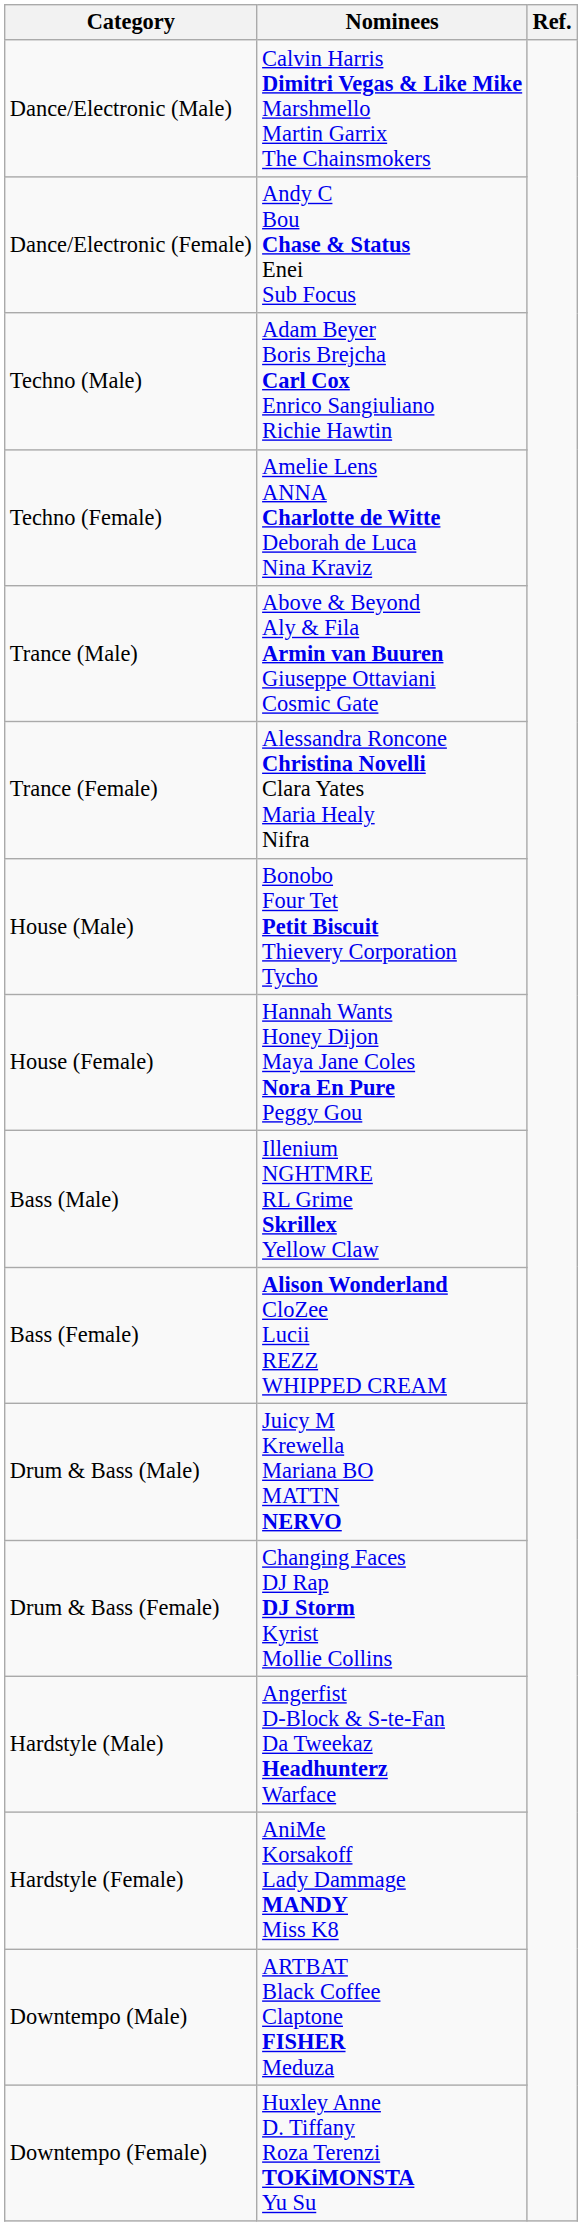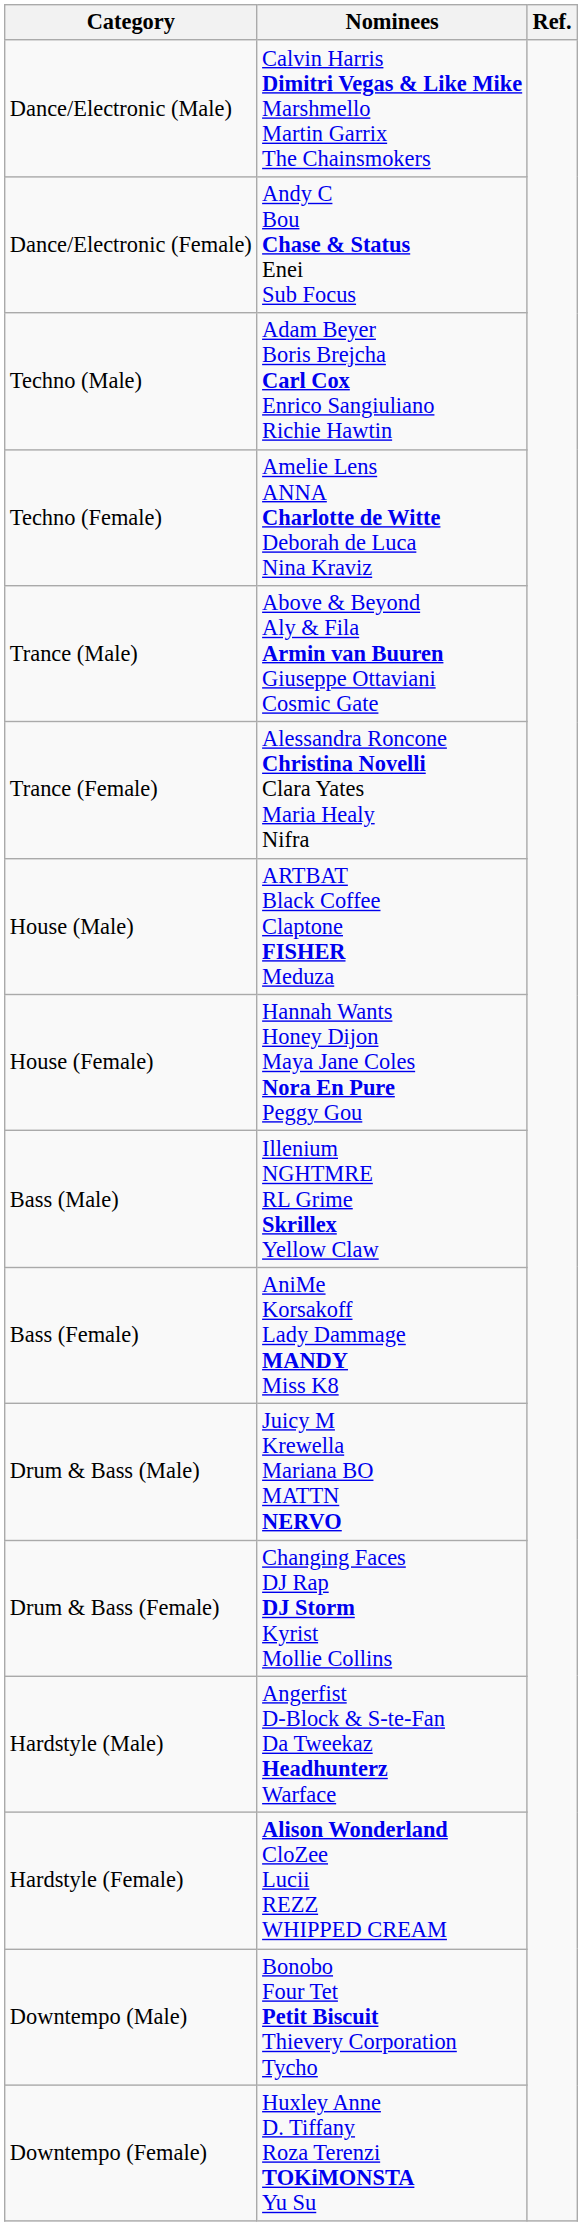 <table class="wikitable">
 <tr>
 <th>Category</th>
 <th>Nominees</th>
 <th>Ref.</th>
 </tr>
 <tr>
 <td>Dance/Electronic (Male)</td>
 <td><a href='#'>Calvin Harris</a><br> <strong><a href='#'>Dimitri Vegas & Like Mike</a></strong><br><a href='#'>Marshmello</a><br><a href='#'>Martin Garrix</a><br><a href='#'>The Chainsmokers</a></td>
 <td rowspan="16"><br></td>
 </tr>
 <tr>
 <td>Dance/Electronic (Female)</td>
 <td><a href='#'>Andy C</a> <br><a href='#'>Bou</a> <br> <strong><a href='#'>Chase & Status</a></strong><br>Enei <br><a href='#'>Sub Focus</a></td>
 </tr>
 <tr>
 <td>Techno (Male)</td>
 <td><a href='#'>Adam Beyer</a><br><a href='#'>Boris Brejcha</a><br> <strong><a href='#'>Carl Cox</a></strong><br><a href='#'>Enrico Sangiuliano</a> <br><a href='#'>Richie Hawtin</a></td>
 </tr>
 <tr>
 <td>Techno (Female)</td>
 <td><a href='#'>Amelie Lens</a> <br><a href='#'>ANNA</a> <br> <strong><a href='#'>Charlotte de Witte</a></strong><br><a href='#'>Deborah de Luca</a><br><a href='#'>Nina Kraviz</a></td>
 </tr>
 <tr>
 <td>Trance (Male)</td>
 <td><a href='#'>Above & Beyond</a><br><a href='#'>Aly & Fila</a><br> <strong><a href='#'>Armin van Buuren</a></strong><br><a href='#'>Giuseppe Ottaviani</a><br><a href='#'>Cosmic Gate</a></td>
 </tr>
 <tr>
 <td>Trance (Female)</td>
 <td><a href='#'>Alessandra Roncone</a> <br> <strong><a href='#'>Christina Novelli</a></strong><br>Clara Yates <br><a href='#'>Maria Healy</a> <br>Nifra</td>
 </tr>
 <tr>
 <td>House (Male)</td>
-<td><a href='#'>Bonobo</a><br><a href='#'>Four Tet</a><br> <strong><a href='#'>Petit Biscuit</a></strong><br><a href='#'>Thievery Corporation</a><br><a href='#'>Tycho</a></td>
+<td><a href='#'>ARTBAT</a> <br><a href='#'>Black Coffee</a><br><a href='#'>Claptone</a><br> <strong><a href='#'>FISHER</a></strong><br><a href='#'>Meduza</a></td>
 </tr>
 <tr>
 <td>House (Female)</td>
 <td><a href='#'>Hannah Wants</a><br><a href='#'>Honey Dijon</a><br><a href='#'>Maya Jane Coles</a><br> <strong><a href='#'>Nora En Pure</a></strong><br><a href='#'>Peggy Gou</a></td>
 </tr>
 <tr>
 <td>Bass (Male)</td>
 <td><a href='#'>Illenium</a><br><a href='#'>NGHTMRE</a><br><a href='#'>RL Grime</a><br> <strong><a href='#'>Skrillex</a></strong><br><a href='#'>Yellow Claw</a></td>
 </tr>
 <tr>
 <td>Bass (Female)</td>
-<td> <strong><a href='#'>Alison Wonderland</a></strong><br><a href='#'>CloZee</a><br><a href='#'>Lucii</a><br><a href='#'>REZZ</a><br><a href='#'>WHIPPED CREAM</a></td>
+<td><a href='#'>AniMe</a> <br><a href='#'>Korsakoff</a> <br><a href='#'>Lady Dammage</a> <br> <strong><a href='#'>MANDY</a> </strong><br><a href='#'>Miss K8</a></td>
 </tr>
 <tr>
 <td>Drum & Bass (Male)</td>
 <td><a href='#'>Juicy M</a> <br><a href='#'>Krewella</a><br><a href='#'>Mariana BO</a> <br><a href='#'>MATTN</a> <br> <strong><a href='#'>NERVO</a></strong></td>
 </tr>
 <tr>
 <td>Drum & Bass (Female)</td>
 <td><a href='#'>Changing Faces</a> <br><a href='#'>DJ Rap</a> <br> <strong><a href='#'>DJ Storm</a> </strong><br><a href='#'>Kyrist</a> <br><a href='#'>Mollie Collins</a></td>
 </tr>
 <tr>
 <td>Hardstyle (Male)</td>
 <td><a href='#'>Angerfist</a><br><a href='#'>D-Block & S-te-Fan</a><br><a href='#'>Da Tweekaz</a> <br> <strong><a href='#'>Headhunterz</a></strong><br><a href='#'>Warface</a></td>
 </tr>
 <tr>
 <td>Hardstyle (Female)</td>
-<td><a href='#'>AniMe</a> <br><a href='#'>Korsakoff</a> <br><a href='#'>Lady Dammage</a> <br> <strong><a href='#'>MANDY</a> </strong><br><a href='#'>Miss K8</a></td>
+<td> <strong><a href='#'>Alison Wonderland</a></strong><br><a href='#'>CloZee</a><br><a href='#'>Lucii</a><br><a href='#'>REZZ</a><br><a href='#'>WHIPPED CREAM</a></td>
 </tr>
 <tr>
 <td>Downtempo (Male)</td>
-<td><a href='#'>ARTBAT</a> <br><a href='#'>Black Coffee</a><br><a href='#'>Claptone</a><br> <strong><a href='#'>FISHER</a></strong><br><a href='#'>Meduza</a></td>
+<td><a href='#'>Bonobo</a><br><a href='#'>Four Tet</a><br> <strong><a href='#'>Petit Biscuit</a></strong><br><a href='#'>Thievery Corporation</a><br><a href='#'>Tycho</a></td>
 </tr>
 <tr>
 <td>Downtempo (Female)</td>
 <td><a href='#'>Huxley Anne</a> <br><a href='#'>D. Tiffany</a> <br><a href='#'>Roza Terenzi</a><br> <strong><a href='#'>TOKiMONSTA</a></strong><br><a href='#'>Yu Su</a></td>
 </tr>
 </table>
